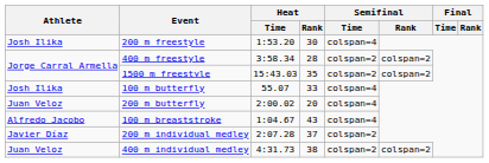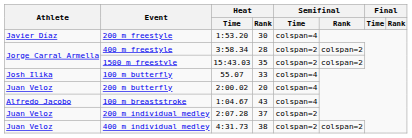 <table class=wikitable style=font-size:90%;text-align:center>
 <tr>
 <th rowspan=2>Athlete</th>
 <th rowspan=2>Event</th>
 <th colspan=2>Heat</th>
 <th colspan=2>Semifinal</th>
 <th colspan=2>Final</th>
 </tr>
 <tr style=font-size:95%>
 <th>Time</th>
 <th>Rank</th>
 <th>Time</th>
 <th>Rank</th>
 <th>Time</th>
 <th>Rank</th>
 </tr>
 <tr>
-<td align=left><a href='#'>Josh Ilika</a></td>
+<td align=left><a href='#'>Javier Díaz</a></td>
 <td align=left><a href='#'>200 m freestyle</a></td>
 <td>1:53.20</td>
 <td>30</td>
 <td>colspan=4 </td>
 </tr>
 <tr>
 <td align=left rowspan=2><a href='#'>Jorge Carral Armella</a></td>
 <td align=left><a href='#'>400 m freestyle</a></td>
 <td>3:58.34</td>
 <td>28</td>
 <td>colspan=2 </td>
 <td>colspan=2 </td>
 </tr>
 <tr>
 <td align=left><a href='#'>1500 m freestyle</a></td>
 <td>15:43.03</td>
 <td>35</td>
 <td>colspan=2 </td>
 <td>colspan=2 </td>
 </tr>
 <tr>
 <td align=left><a href='#'>Josh Ilika</a></td>
 <td align=left><a href='#'>100 m butterfly</a></td>
 <td>55.07</td>
 <td>33</td>
 <td>colspan=4 </td>
 </tr>
 <tr>
 <td align=left><a href='#'>Juan Veloz</a></td>
 <td align=left><a href='#'>200 m butterfly</a></td>
 <td>2:00.02</td>
 <td>20</td>
 <td>colspan=4 </td>
 </tr>
 <tr>
 <td align=left><a href='#'>Alfredo Jacobo</a></td>
 <td align=left><a href='#'>100 m breaststroke</a></td>
 <td>1:04.67</td>
 <td>43</td>
 <td>colspan=4 </td>
 </tr>
 <tr>
-<td align=left><a href='#'>Javier Díaz</a></td>
+<td align=left><a href='#'>Juan Veloz</a></td>
 <td align=left><a href='#'>200 m individual medley</a></td>
 <td>2:07.28</td>
 <td>37</td>
 <td>colspan=2 </td>
 </tr>
 <tr>
 <td align=left><a href='#'>Juan Veloz</a></td>
 <td align=left><a href='#'>400 m individual medley</a></td>
 <td>4:31.73</td>
 <td>38</td>
 <td>colspan=2 </td>
 <td>colspan=2 </td>
 </tr>
 </table>
